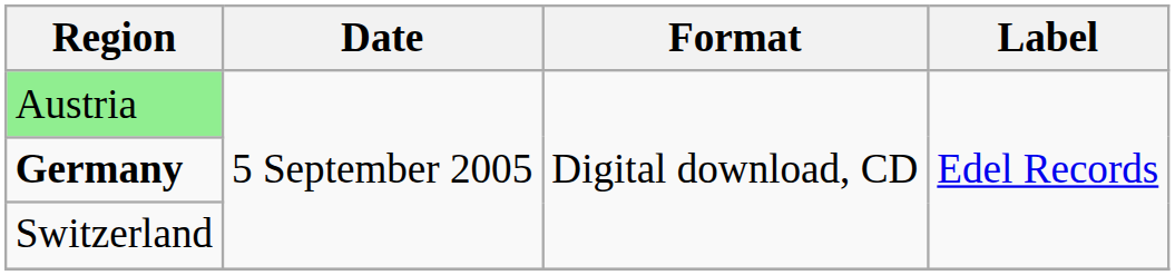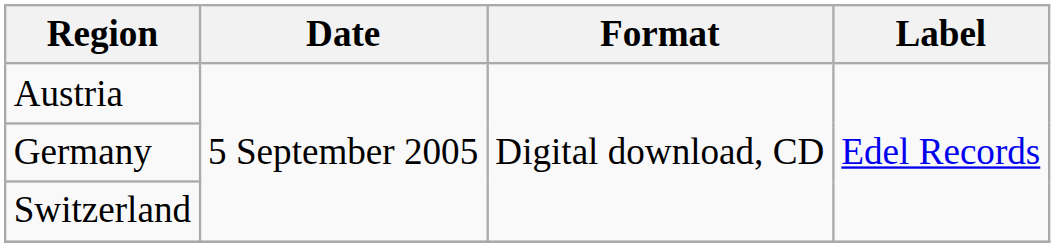 <table class="wikitable">
 <tr>
 <th scope="col">Region</th>
 <th scope="col">Date</th>
 <th scope="col">Format</th>
 <th scope="col">Label</th>
 </tr>
 <tr>
-<td style="background: lightgreen;">Austria</td>
+<td>Austria</td>
 <td rowspan="3">5 September 2005</td>
 <td rowspan="3">Digital download, CD</td>
 <td rowspan="3"><a href='#'>Edel Records</a></td>
 </tr>
 <tr>
-<td><strong>Germany</strong></td>
+<td>Germany</td>
 </tr>
 <tr>
 <td>Switzerland</td>
 </tr>
 <tr>
 </tr>
 </table>
